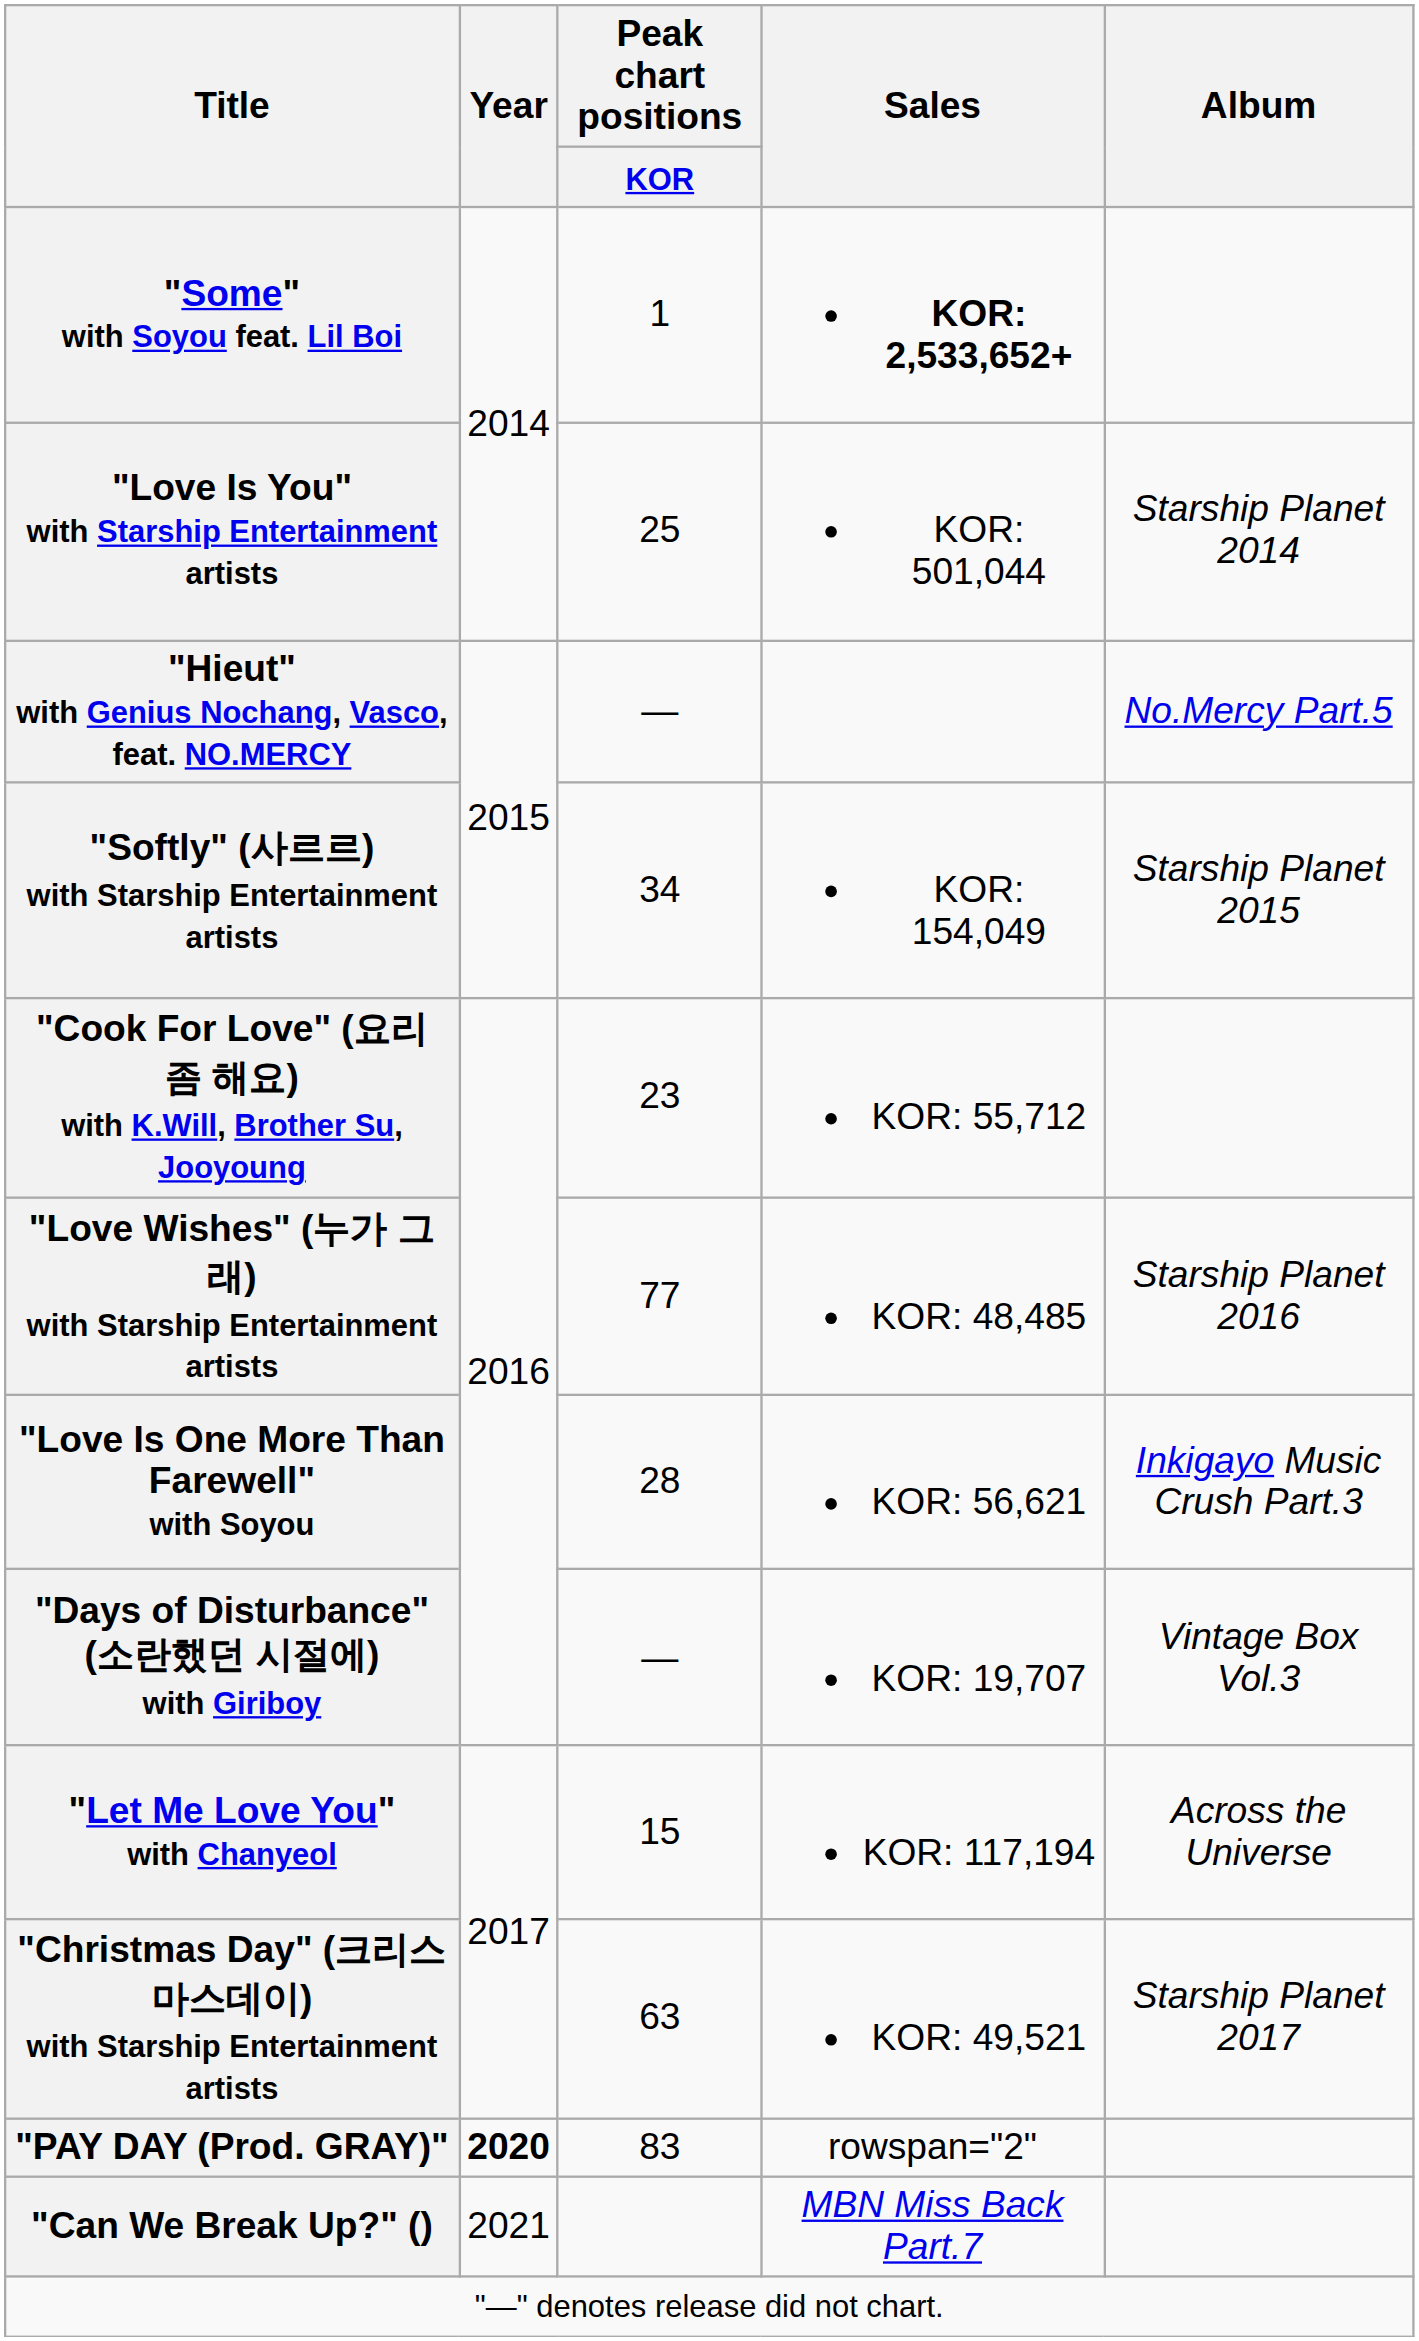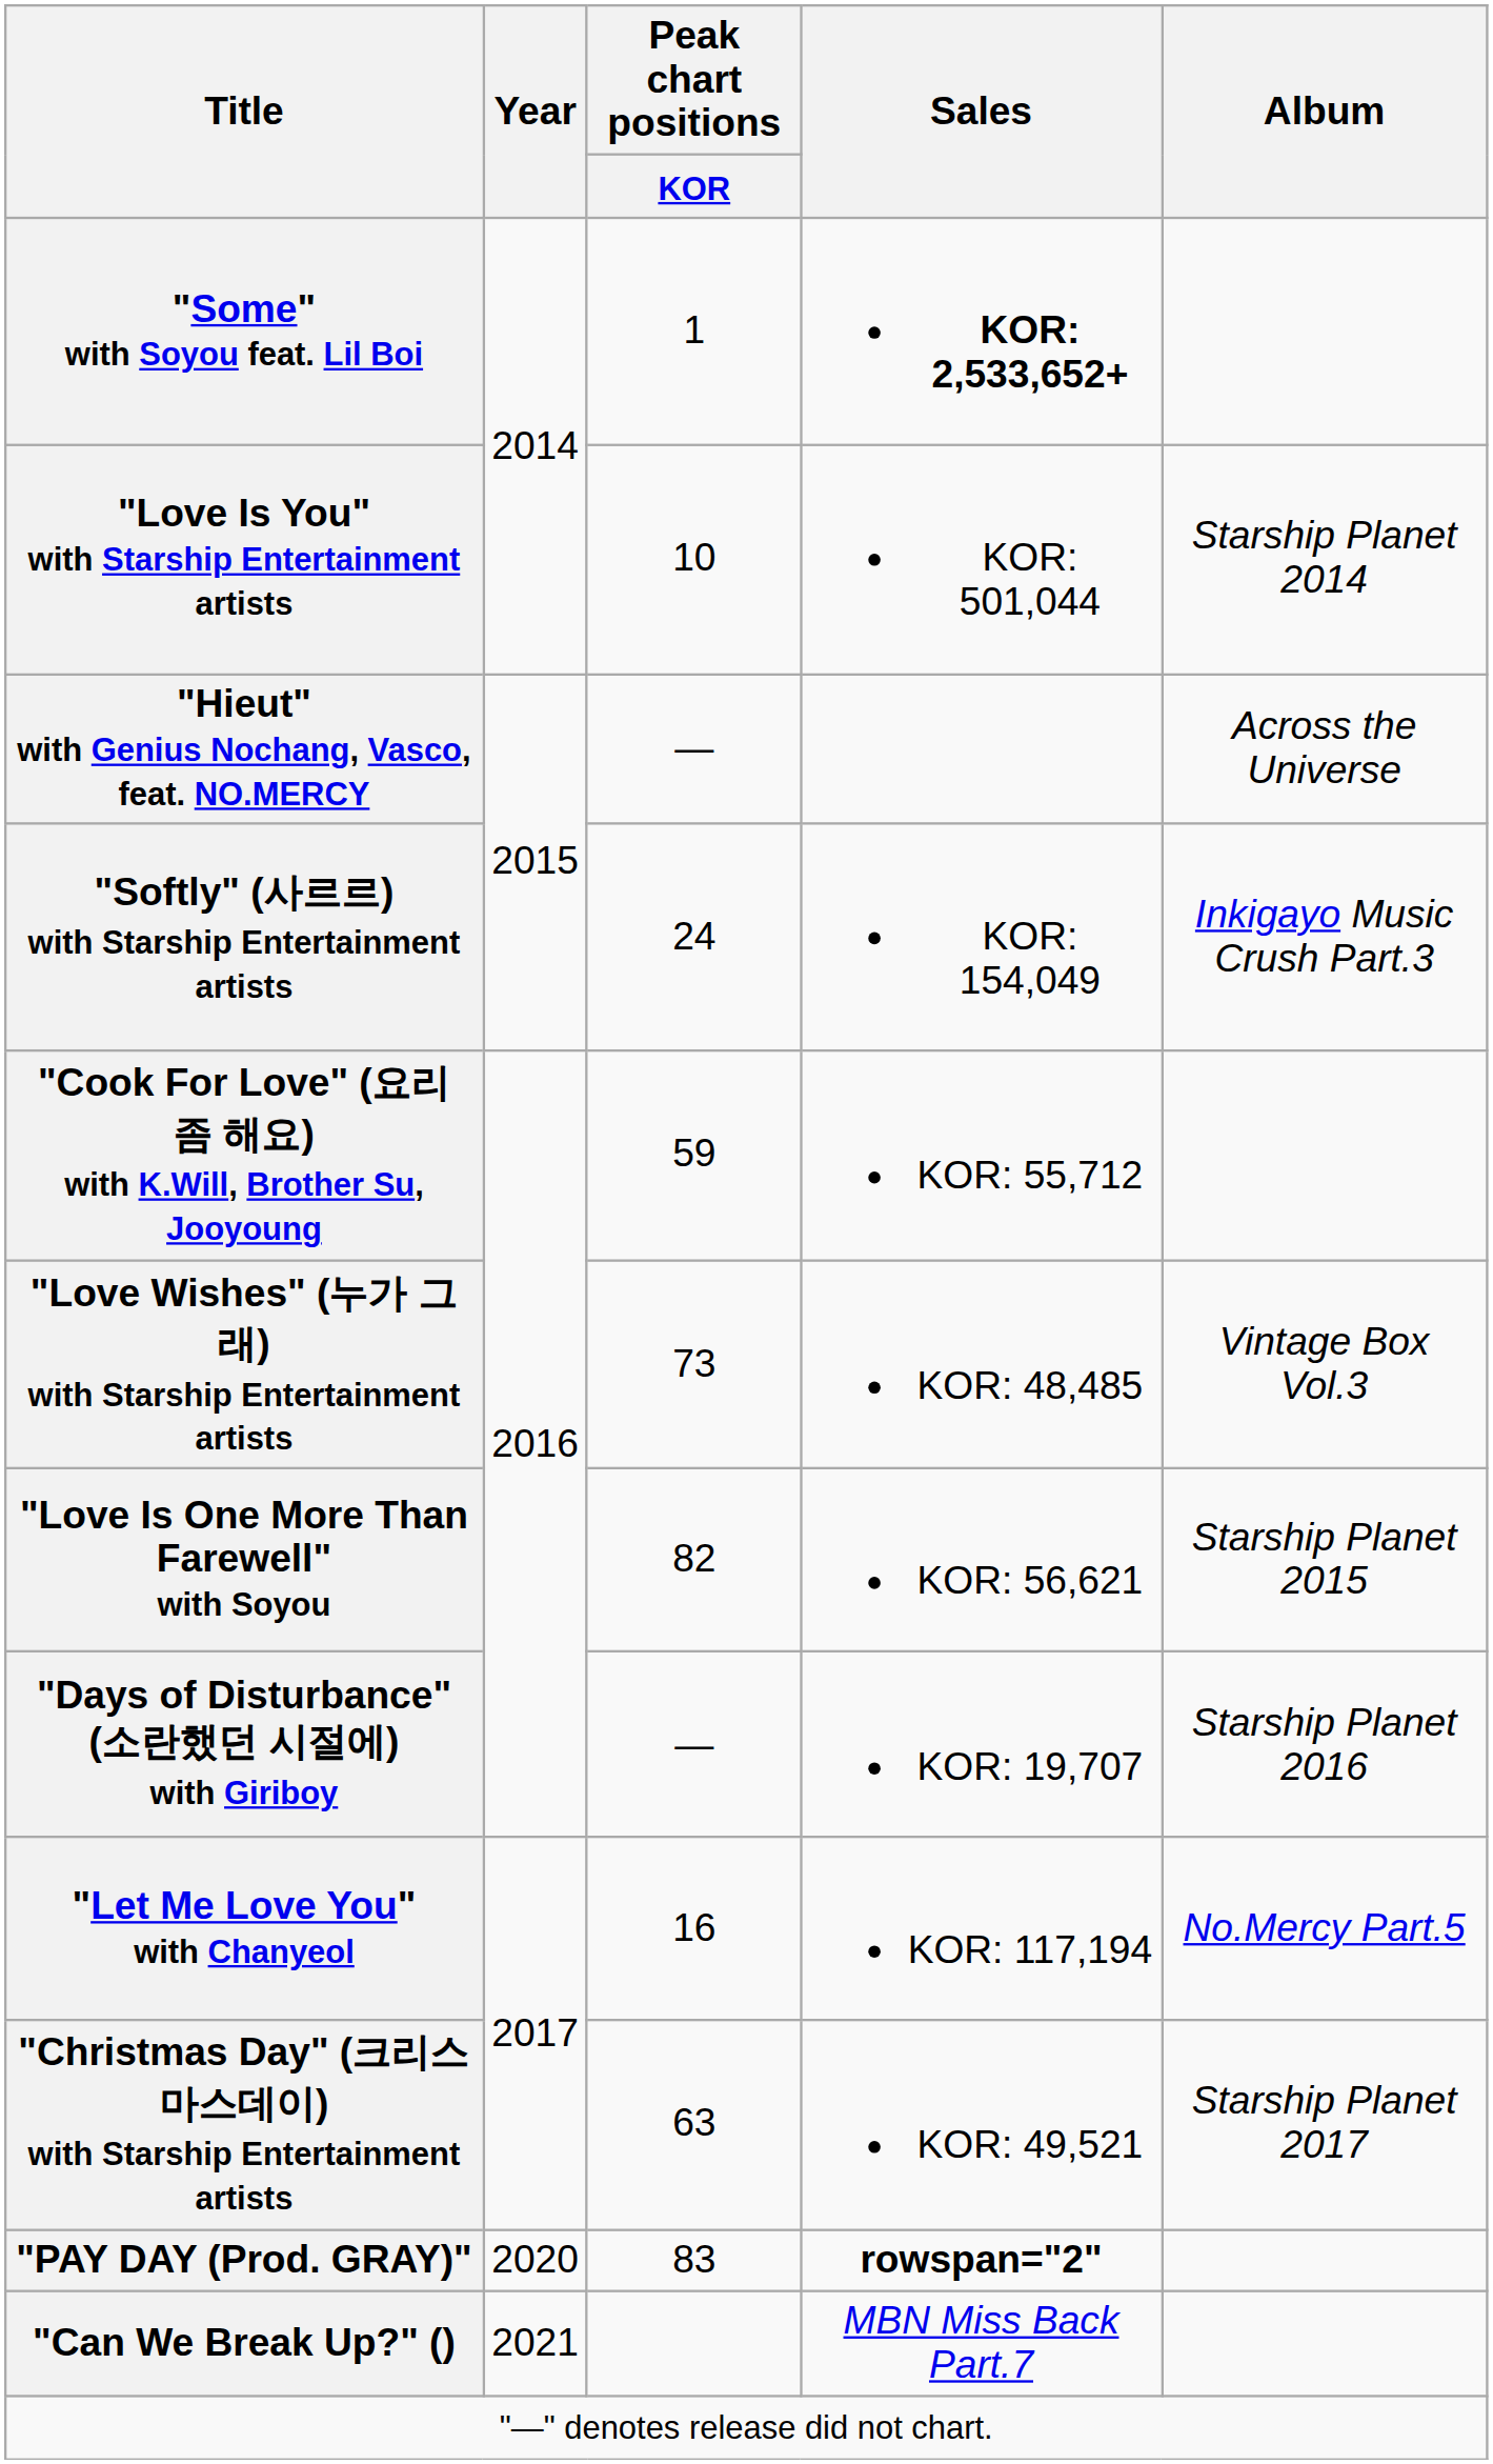 <table class="wikitable plainrowheaders" style="text-align:center;">
 <tr>
 <th scope="col" rowspan="2">Title</th>
 <th scope="col" rowspan="2">Year</th>
 <th scope="col" colspan="1" style="width:5em;">Peak chart positions</th>
 <th scope="col" rowspan="2">Sales</th>
 <th scope="col" rowspan="2">Album</th>
 </tr>
 <tr>
 <th><small><a href='#'>KOR</a></small><br></th>
 </tr>
 <tr>
 <th scope="row">"<a href='#'>Some</a>"<br><small>with <a href='#'>Soyou</a> feat. <a href='#'>Lil Boi</a></small></th>
 <td rowspan="2">2014</td>
 <td>1</td>
 <td><strong><br><ul><li>KOR: 2,533,652+</li></ul></strong></td>
 <td></td>
 </tr>
 <tr>
 <th scope="row">"Love Is You"<br><small>with <a href='#'>Starship Entertainment</a> artists</small></th>
-<td>25</td>
+<td>10</td>
 <td><br><ul><li>KOR: 501,044</li></ul></td>
 <td><em>Starship Planet 2014</em></td>
 </tr>
 <tr>
 <th scope="row">"Hieut" <br><small>with <a href='#'>Genius Nochang</a>, <a href='#'>Vasco</a>, feat. <a href='#'>NO.MERCY</a></small></th>
 <td rowspan="2">2015</td>
 <td>—</td>
 <td></td>
-<td><em><a href='#'>No.Mercy Part.5</a></em></td>
+<td><em>Across the Universe</em></td>
 </tr>
 <tr>
 <th scope="row">"Softly" (사르르)<br><small>with Starship Entertainment artists</small></th>
-<td>34</td>
+<td>24</td>
 <td><br><ul><li>KOR: 154,049</li></ul></td>
-<td><em>Starship Planet 2015</em></td>
+<td><em><a href='#'>Inkigayo</a> Music Crush Part.3</em></td>
 </tr>
 <tr>
 <th scope="row">"Cook For Love" (요리 좀 해요)<br><small>with <a href='#'>K.Will</a>, <a href='#'>Brother Su</a>, <a href='#'>Jooyoung</a></small></th>
 <td rowspan="4">2016</td>
-<td>23</td>
+<td>59</td>
 <td><br><ul><li>KOR: 55,712</li></ul></td>
 <td></td>
 </tr>
 <tr>
 <th scope="row">"Love Wishes" (누가 그래)<br><small>with Starship Entertainment artists</small></th>
-<td>77</td>
+<td>73</td>
 <td><br><ul><li>KOR: 48,485</li></ul></td>
-<td><em>Starship Planet 2016</em></td>
+<td><em>Vintage Box Vol.3</em></td>
 </tr>
 <tr>
 <th scope="row">"Love Is One More Than Farewell"<br><small>with Soyou</small></th>
-<td>28</td>
+<td>82</td>
 <td><br><ul><li>KOR: 56,621</li></ul></td>
-<td><em><a href='#'>Inkigayo</a> Music Crush Part.3</em></td>
+<td><em>Starship Planet 2015</em></td>
 </tr>
 <tr>
 <th scope="row">"Days of Disturbance" (소란했던 시절에)<br><small>with <a href='#'>Giriboy</a></small></th>
 <td>—</td>
 <td><br><ul><li>KOR: 19,707</li></ul></td>
-<td><em>Vintage Box Vol.3</em></td>
+<td><em>Starship Planet 2016</em></td>
 </tr>
 <tr>
 <th scope="row">"<a href='#'>Let Me Love You</a>"<br><small>with <a href='#'>Chanyeol</a></small></th>
 <td rowspan="2">2017</td>
-<td>15</td>
+<td>16</td>
 <td><br><ul><li>KOR: 117,194</li></ul></td>
-<td><em>Across the Universe</em></td>
+<td><em><a href='#'>No.Mercy Part.5</a></em></td>
 </tr>
 <tr>
 <th scope="row">"Christmas Day" (크리스마스데이)<br><small>with Starship Entertainment artists</small></th>
 <td>63</td>
 <td><br><ul><li>KOR: 49,521</li></ul></td>
 <td><em>Starship Planet 2017</em></td>
 </tr>
 <tr>
 <th scope="row">"PAY DAY (Prod. GRAY)" <br></th>
-<td><strong>2020</strong></td>
+<td>2020</td>
 <td>83</td>
-<td>rowspan="2" </td>
+<td><strong>rowspan="2" </strong></td>
 <td></td>
 </tr>
 <tr>
 <th scope="row">"Can We Break Up?" () <br></th>
 <td>2021</td>
 <td></td>
 <td><em><a href='#'>MBN Miss Back Part.7</a></em></td>
 </tr>
 <tr>
 <td colspan="5"><small>"—" denotes release did not chart.</small></td>
 </tr>
 </table>
